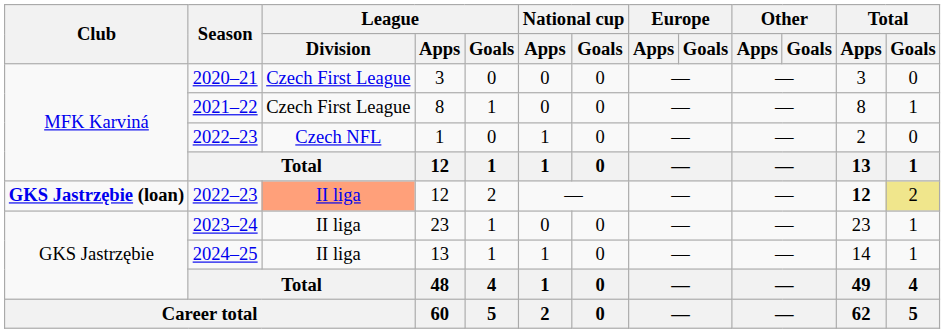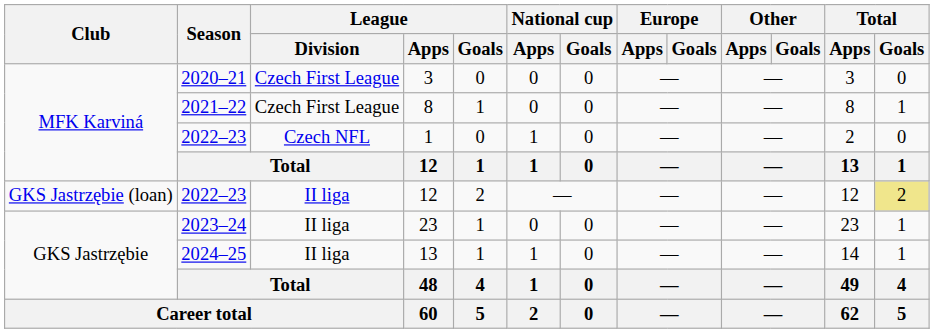 <table class="wikitable" style="text-align:center">
 <tr>
 <th rowspan="2">Club</th>
 <th rowspan="2">Season</th>
 <th colspan="3">League</th>
 <th colspan="2">National cup</th>
 <th colspan="2">Europe</th>
 <th colspan="2">Other</th>
 <th colspan="2">Total</th>
 </tr>
 <tr>
 <th>Division</th>
 <th>Apps</th>
 <th>Goals</th>
 <th>Apps</th>
 <th>Goals</th>
 <th>Apps</th>
 <th>Goals</th>
 <th>Apps</th>
 <th>Goals</th>
 <th>Apps</th>
 <th>Goals</th>
 </tr>
 <tr>
 <td rowspan="4"><a href='#'>MFK Karviná</a></td>
 <td><a href='#'>2020–21</a></td>
 <td><a href='#'>Czech First League</a></td>
 <td>3</td>
 <td>0</td>
 <td>0</td>
 <td>0</td>
 <td colspan="2">—</td>
 <td colspan="2">—</td>
 <td>3</td>
 <td>0</td>
 </tr>
 <tr>
 <td><a href='#'>2021–22</a></td>
 <td>Czech First League</td>
 <td>8</td>
 <td>1</td>
 <td>0</td>
 <td>0</td>
 <td colspan="2">—</td>
 <td colspan="2">—</td>
 <td>8</td>
 <td>1</td>
 </tr>
 <tr>
 <td><a href='#'>2022–23</a></td>
 <td><a href='#'>Czech NFL</a></td>
 <td>1</td>
 <td>0</td>
 <td>1</td>
 <td>0</td>
 <td colspan="2">—</td>
 <td colspan="2">—</td>
 <td>2</td>
 <td>0</td>
 </tr>
 <tr>
 <th colspan="2">Total</th>
 <th>12</th>
 <th>1</th>
 <th>1</th>
 <th>0</th>
 <th colspan="2">—</th>
 <th colspan="2">—</th>
 <th>13</th>
 <th>1</th>
 </tr>
 <tr>
-<td><strong><a href='#'>GKS Jastrzębie</a> (loan)</strong></td>
+<td><a href='#'>GKS Jastrzębie</a> (loan)</td>
 <td><a href='#'>2022–23</a></td>
-<td style="background: lightsalmon;"><a href='#'>II liga</a></td>
+<td><a href='#'>II liga</a></td>
 <td>12</td>
 <td>2</td>
 <td colspan="2">—</td>
 <td colspan="2">—</td>
 <td colspan="2">—</td>
-<td><strong>12</strong></td>
+<td>12</td>
 <td style="background: khaki;">2</td>
 </tr>
 <tr>
 <td rowspan="3">GKS Jastrzębie</td>
 <td><a href='#'>2023–24</a></td>
 <td>II liga</td>
 <td>23</td>
 <td>1</td>
 <td>0</td>
 <td>0</td>
 <td colspan="2">—</td>
 <td colspan="2">—</td>
 <td>23</td>
 <td>1</td>
 </tr>
 <tr>
 <td><a href='#'>2024–25</a></td>
 <td>II liga</td>
 <td>13</td>
 <td>1</td>
 <td>1</td>
 <td>0</td>
 <td colspan="2">—</td>
 <td colspan="2">—</td>
 <td>14</td>
 <td>1</td>
 </tr>
 <tr>
 <th colspan="2">Total</th>
 <th>48</th>
 <th>4</th>
 <th>1</th>
 <th>0</th>
 <th colspan="2">—</th>
 <th colspan="2">—</th>
 <th>49</th>
 <th>4</th>
 </tr>
 <tr>
 <th colspan="3">Career total</th>
 <th>60</th>
 <th>5</th>
 <th>2</th>
 <th>0</th>
 <th colspan="2">—</th>
 <th colspan="2">—</th>
 <th>62</th>
 <th>5</th>
 </tr>
 </table>
